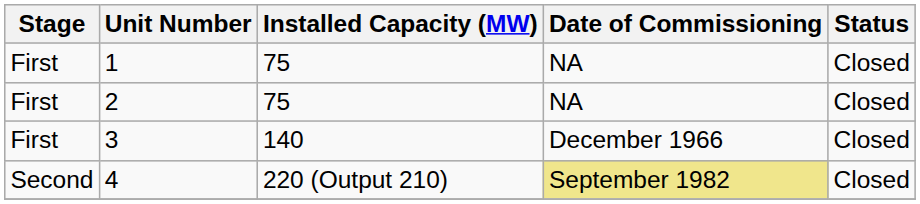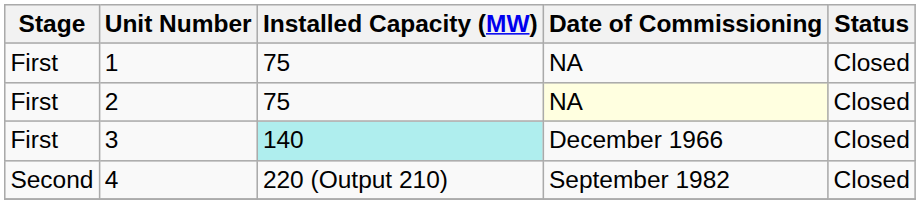 <table class="sortable wikitable">
 <tr>
 <th>Stage</th>
 <th>Unit Number</th>
 <th>Installed Capacity (<a href='#'>MW</a>)</th>
 <th>Date of Commissioning</th>
 <th>Status</th>
 </tr>
 <tr>
 <td>First</td>
 <td>1</td>
 <td>75</td>
 <td>NA</td>
 <td>Closed</td>
 </tr>
 <tr>
 <td>First</td>
 <td>2</td>
 <td>75</td>
-<td>NA</td>
+<td style="background: lightyellow;">NA</td>
 <td>Closed</td>
 </tr>
 <tr>
 <td>First</td>
 <td>3</td>
-<td>140</td>
+<td style="background: paleturquoise;">140</td>
 <td>December 1966</td>
 <td>Closed</td>
 </tr>
 <tr>
 <td>Second</td>
 <td>4</td>
 <td>220 (Output 210)</td>
-<td style="background: khaki;">September 1982</td>
+<td>September 1982</td>
 <td>Closed</td>
 </tr>
 <tr>
 </tr>
 </table>
